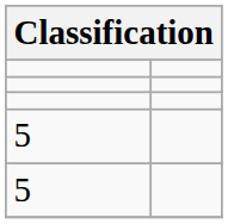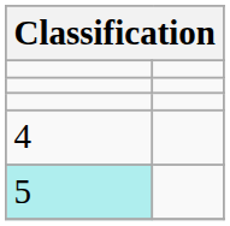 <table class="wikitable" font-size: 90%;>
 <tr>
 <th colspan=2>Classification</th>
 </tr>
 <tr valign="top">
 <td></td>
 <td></td>
 </tr>
 <tr>
 <td></td>
 <td></td>
 </tr>
 <tr>
 <td></td>
 <td></td>
 </tr>
 <tr>
-<td>5</td>
+<td>4</td>
 <td></td>
 </tr>
 <tr>
-<td>5</td>
+<td style="background: paleturquoise;">5</td>
 <td></td>
 </tr>
 <tr>
 </tr>
 </table>
